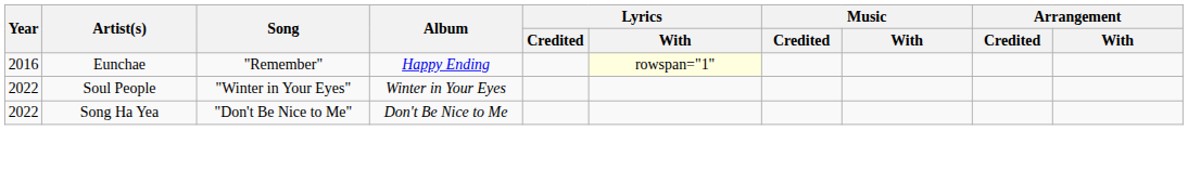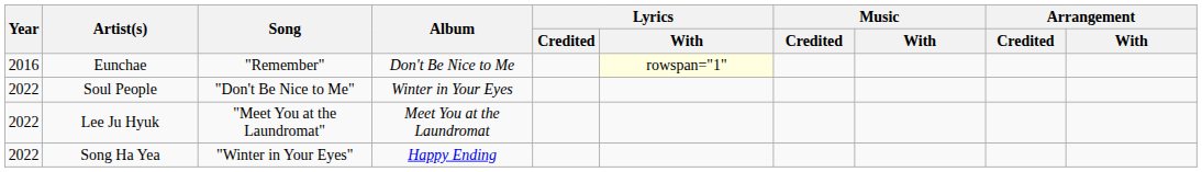 <table class="wikitable" style="text-align:center;">
 <tr>
 <th rowspan="2" style="width:2em;">Year</th>
 <th rowspan="2" style="width:12em;">Artist(s)</th>
 <th rowspan="2" style="width:13em;">Song</th>
 <th rowspan="2" style="width:12em;">Album</th>
 <th colspan="2" style="width:16em;">Lyrics</th>
 <th colspan="2" style="width:16em;">Music</th>
 <th colspan="2" style="width:16em;">Arrangement</th>
 </tr>
 <tr>
 <th style="width:4em;">Credited</th>
 <th style="width:13em;">With</th>
 <th style="width:4em;">Credited</th>
 <th style="width:8em;">With</th>
 <th style="width:4em;">Credited</th>
 <th style="width:8em;">With</th>
 </tr>
 <tr>
 <td>2016</td>
 <td>Eunchae</td>
 <td>"Remember"</td>
-<td><em><a href='#'>Happy Ending</a></em></td>
+<td><em>Don't Be Nice to Me</em></td>
 <td></td>
 <td style="background: lightyellow;">rowspan="1"</td>
 <td></td>
 <td></td>
 <td></td>
 <td></td>
 </tr>
 <tr>
 <td>2022</td>
 <td>Soul People</td>
-<td>"Winter in Your Eyes" </td>
+<td>"Don't Be Nice to Me" </td>
 <td><em>Winter in Your Eyes</em></td>
 <td></td>
 <td></td>
 <td></td>
 <td></td>
 <td></td>
 <td></td>
 </tr>
 <tr>
 <td>2022</td>
+<td>Lee Ju Hyuk</td>
+<td>"Meet You at the Laundromat" </td>
+<td><em>Meet You at the Laundromat</em></td>
+<td></td>
+<td></td>
+<td></td>
+<td></td>
+<td></td>
+<td></td>
+</tr>
+<tr>
+<td>2022</td>
 <td>Song Ha Yea</td>
-<td>"Don't Be Nice to Me" </td>
-<td><em>Don't Be Nice to Me</em></td>
+<td>"Winter in Your Eyes" </td>
+<td><em><a href='#'>Happy Ending</a></em></td>
 <td></td>
 <td></td>
 <td></td>
 <td></td>
 <td></td>
 <td></td>
 </tr>
 </table>
